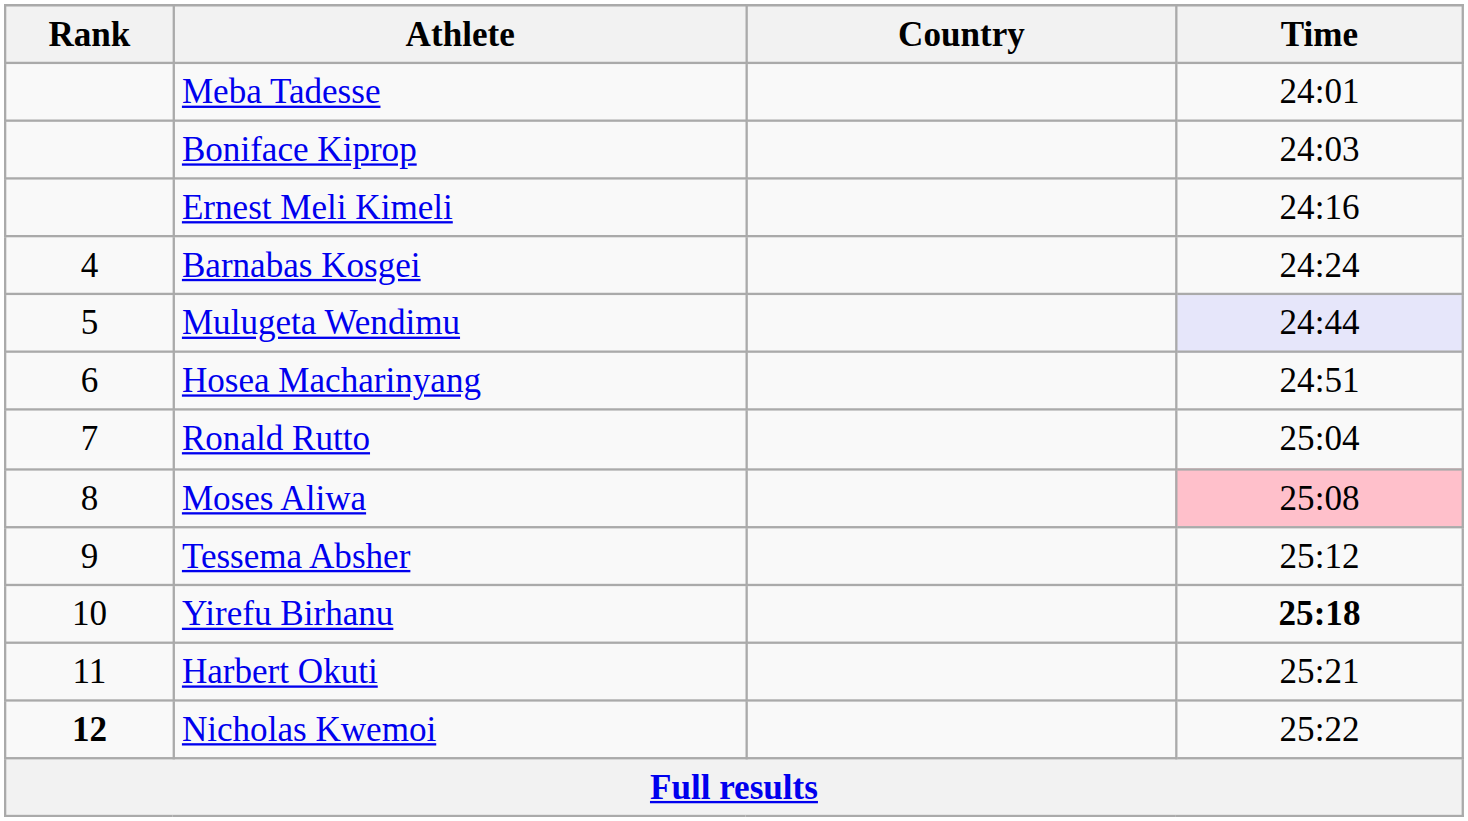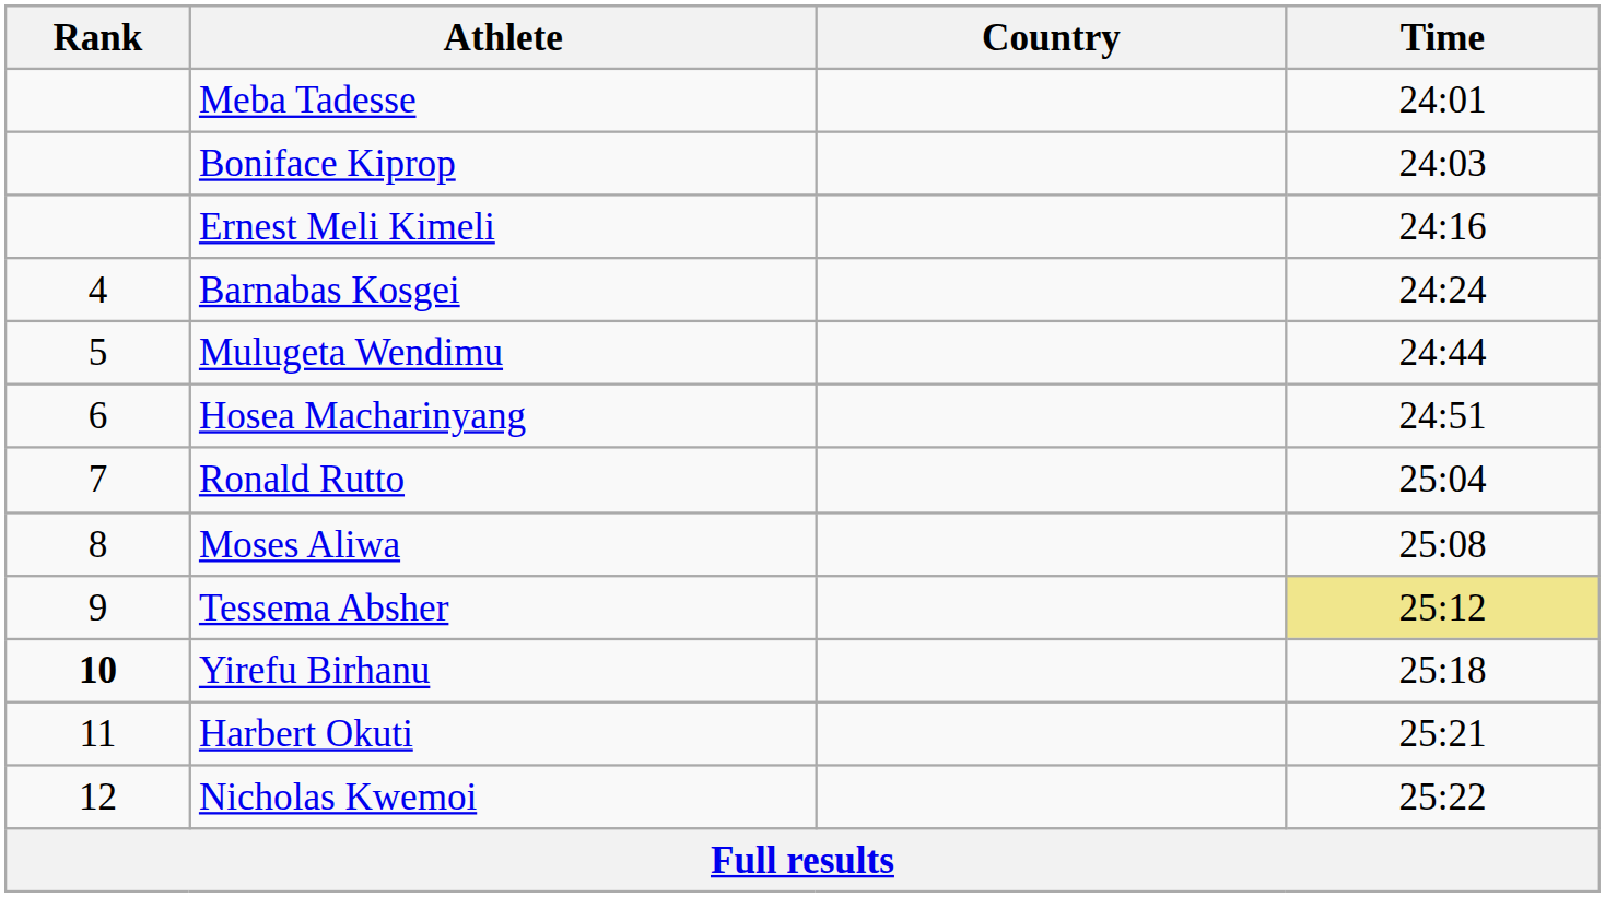 <table class="wikitable sortable" style=" text-align:center; font-size:95%;" width="50%">
 <tr>
 </tr>
 <tr>
 <th width=5%>Rank</th>
 <th width=20%>Athlete</th>
 <th width=15%>Country</th>
 <th width=10%>Time</th>
 </tr>
 <tr>
 <td align=center></td>
 <td align=left><a href='#'>Meba Tadesse</a></td>
 <td align=left></td>
 <td>24:01</td>
 </tr>
 <tr>
 <td align=center></td>
 <td align=left><a href='#'>Boniface Kiprop</a></td>
 <td align=left></td>
 <td>24:03</td>
 </tr>
 <tr>
 <td align=center></td>
 <td align=left><a href='#'>Ernest Meli Kimeli</a></td>
 <td align=left></td>
 <td>24:16</td>
 </tr>
 <tr>
 <td align=center>4</td>
 <td align=left><a href='#'>Barnabas Kosgei</a></td>
 <td align=left></td>
 <td>24:24</td>
 </tr>
 <tr>
 <td align=center>5</td>
 <td align=left><a href='#'>Mulugeta Wendimu</a></td>
 <td align=left></td>
-<td style="background: lavender;">24:44</td>
+<td>24:44</td>
 </tr>
 <tr>
 <td align=center>6</td>
 <td align=left><a href='#'>Hosea Macharinyang</a></td>
 <td align=left></td>
 <td>24:51</td>
 </tr>
 <tr>
 <td align=center>7</td>
 <td align=left><a href='#'>Ronald Rutto</a></td>
 <td align=left></td>
 <td>25:04</td>
 </tr>
 <tr>
 <td align=center>8</td>
 <td align=left><a href='#'>Moses Aliwa</a></td>
 <td align=left></td>
-<td style="background: pink;">25:08</td>
+<td>25:08</td>
 </tr>
 <tr>
 <td align=center>9</td>
 <td align=left><a href='#'>Tessema Absher</a></td>
 <td align=left></td>
-<td>25:12</td>
+<td style="background: khaki;">25:12</td>
 </tr>
 <tr>
-<td align=center>10</td>
+<td align=center><strong>10</strong></td>
 <td align=left><a href='#'>Yirefu Birhanu</a></td>
 <td align=left></td>
-<td><strong>25:18</strong></td>
+<td>25:18</td>
 </tr>
 <tr>
 <td align=center>11</td>
 <td align=left><a href='#'>Harbert Okuti</a></td>
 <td align=left></td>
 <td>25:21</td>
 </tr>
 <tr>
-<td align=center><strong>12</strong></td>
+<td align=center>12</td>
 <td align=left><a href='#'>Nicholas Kwemoi</a></td>
 <td align=left></td>
 <td>25:22</td>
 </tr>
 <tr class="sortbottom">
 <th colspan=4 align=center><a href='#'>Full results</a></th>
 </tr>
 </table>
